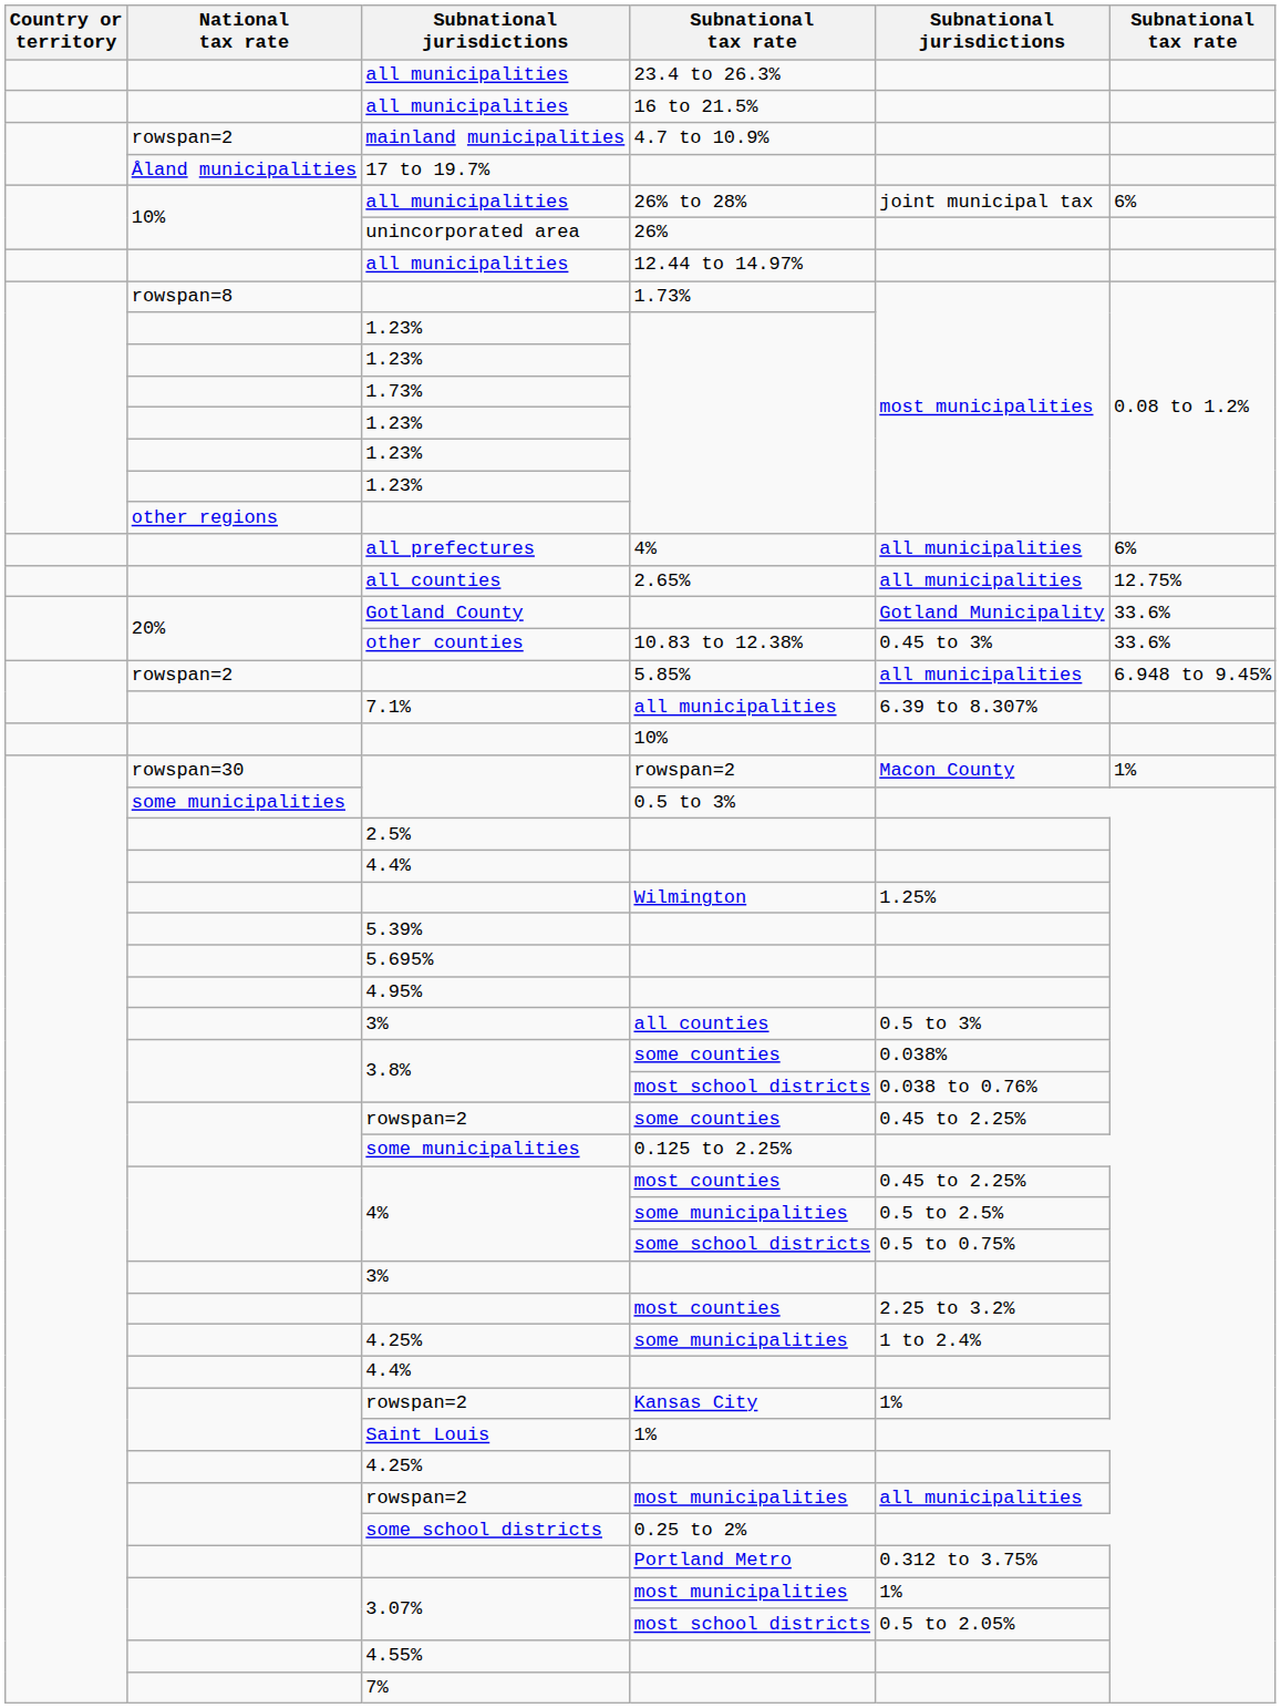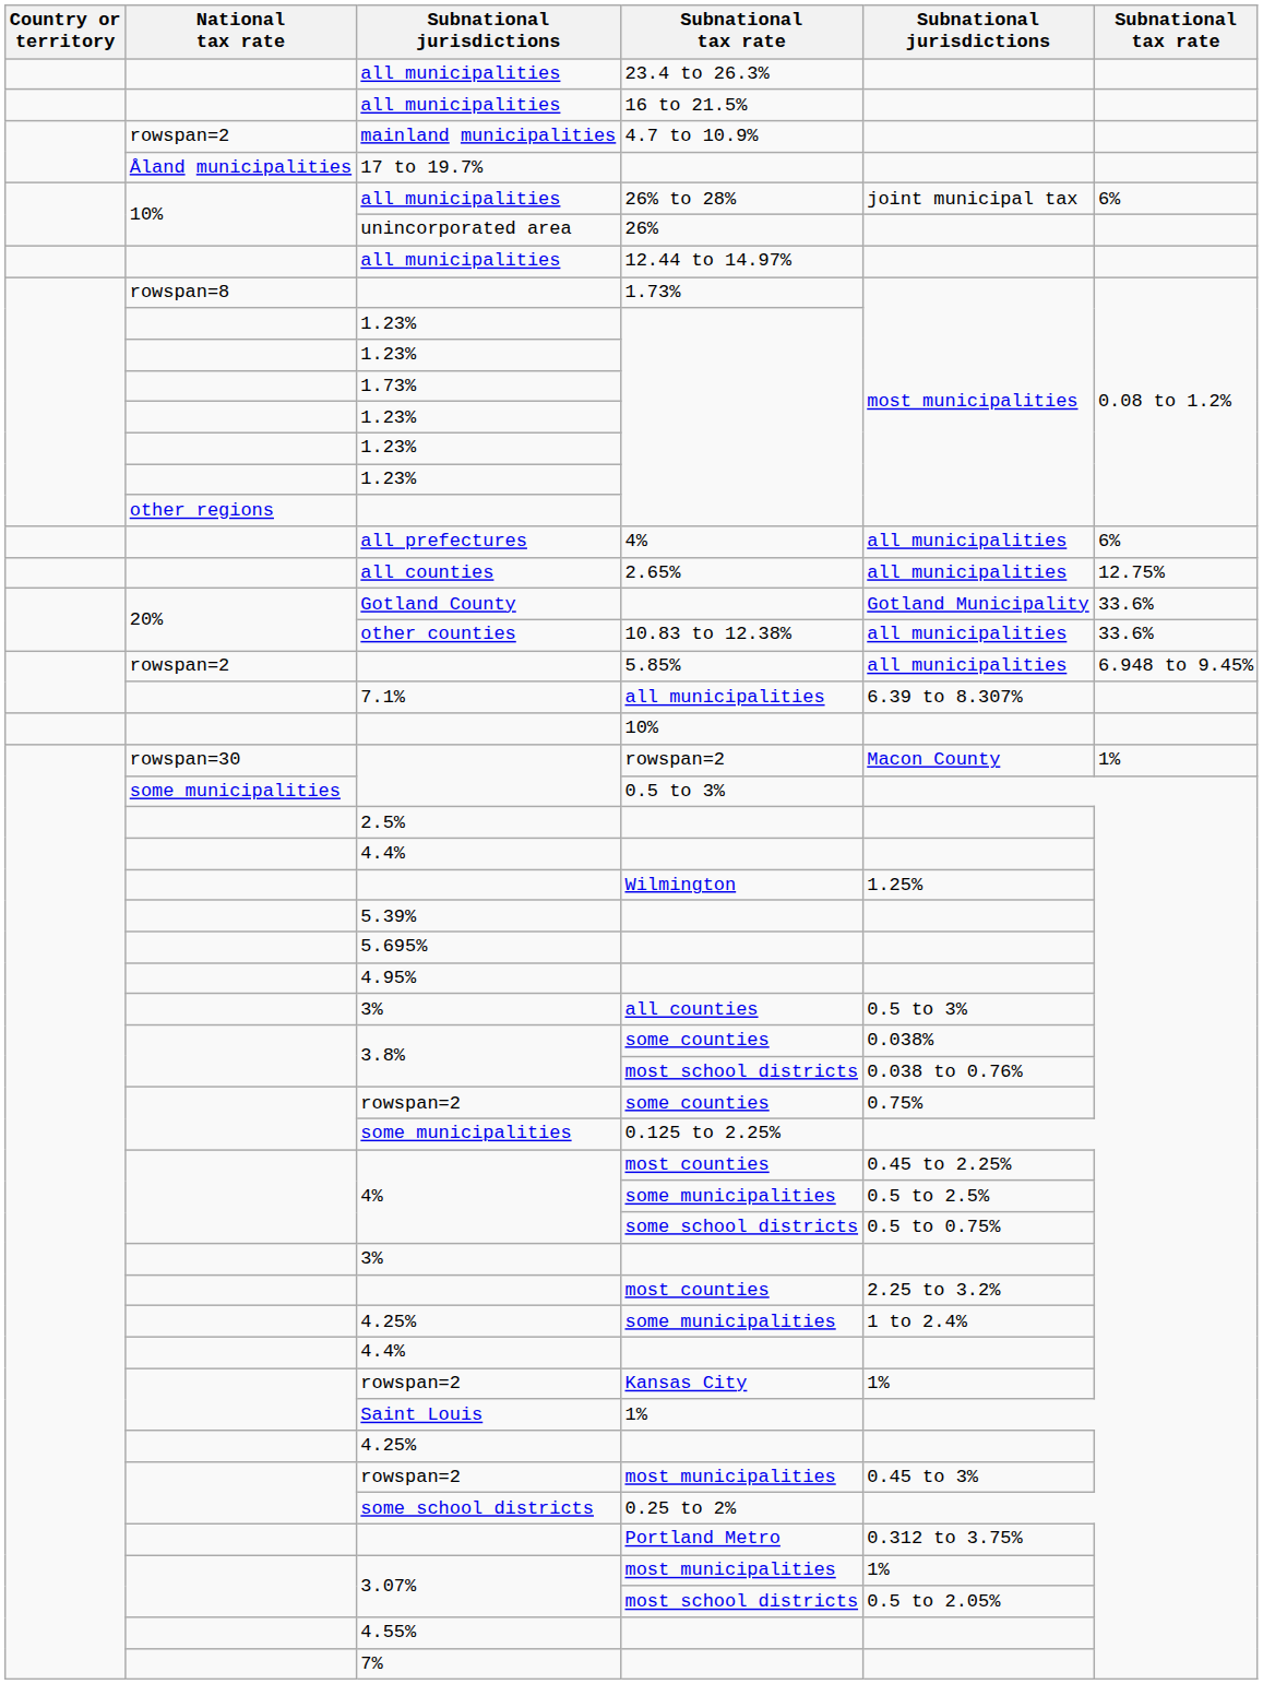 <table class="wikitable sortable nowrap" style="font-size:90%; line-height:1.2">
 <tr>
 <th>Country or<br>territory</th>
 <th>National<br>tax rate</th>
 <th>Subnational<br>jurisdictions</th>
 <th>Subnational<br>tax rate</th>
 <th>Subnational<br>jurisdictions</th>
 <th>Subnational<br>tax rate</th>
 </tr>
 <tr>
 <td></td>
 <td></td>
 <td><a href='#'>all municipalities</a></td>
 <td>23.4 to 26.3%</td>
 <td></td>
 <td></td>
 </tr>
 <tr>
 <td></td>
 <td></td>
 <td><a href='#'>all municipalities</a></td>
 <td>16 to 21.5%</td>
 <td></td>
 <td></td>
 </tr>
 <tr>
 <td rowspan=2></td>
 <td>rowspan=2 </td>
 <td><a href='#'>mainland</a> <a href='#'>municipalities</a></td>
 <td>4.7 to 10.9%</td>
 <td></td>
 <td></td>
 </tr>
 <tr>
 <td><a href='#'>Åland</a> <a href='#'>municipalities</a></td>
 <td>17 to 19.7%</td>
 <td></td>
 <td></td>
 </tr>
 <tr>
 <td rowspan=2></td>
 <td rowspan=2>10%</td>
 <td><a href='#'>all municipalities</a></td>
 <td>26% to 28%</td>
 <td>joint municipal tax</td>
 <td>6%</td>
 </tr>
 <tr>
 <td>unincorporated area</td>
 <td>26%</td>
 <td></td>
 <td></td>
 </tr>
 <tr>
 <td></td>
 <td></td>
 <td><a href='#'>all municipalities</a></td>
 <td>12.44 to 14.97%</td>
 <td></td>
 <td></td>
 </tr>
 <tr>
 <td rowspan=8></td>
 <td>rowspan=8 </td>
 <td></td>
 <td>1.73%</td>
 <td rowspan=8><a href='#'>most municipalities</a></td>
 <td rowspan=8>0.08 to 1.2%</td>
 </tr>
 <tr>
 <td></td>
 <td>1.23%</td>
 </tr>
 <tr>
 <td></td>
 <td>1.23%</td>
 </tr>
 <tr>
 <td></td>
 <td>1.73%</td>
 </tr>
 <tr>
 <td></td>
 <td>1.23%</td>
 </tr>
 <tr>
 <td></td>
 <td>1.23%</td>
 </tr>
 <tr>
 <td></td>
 <td>1.23%</td>
 </tr>
 <tr>
 <td><a href='#'>other regions</a></td>
 <td></td>
 </tr>
 <tr>
 <td></td>
 <td></td>
 <td><a href='#'>all prefectures</a></td>
 <td>4%</td>
 <td><a href='#'>all municipalities</a></td>
 <td>6%</td>
 </tr>
 <tr>
 <td></td>
 <td></td>
 <td><a href='#'>all counties</a></td>
 <td>2.65%</td>
 <td><a href='#'>all municipalities</a></td>
 <td>12.75%</td>
 </tr>
 <tr>
 <td rowspan=2></td>
 <td rowspan=2>20%</td>
 <td> <a href='#'>Gotland County</a></td>
 <td></td>
 <td><a href='#'>Gotland Municipality</a></td>
 <td>33.6%</td>
 </tr>
 <tr>
 <td><a href='#'>other counties</a></td>
 <td>10.83 to 12.38%</td>
-<td>0.45 to 3%</td>
+<td><a href='#'>all municipalities</a></td>
 <td>33.6%</td>
 </tr>
 <tr>
 <td rowspan=2></td>
 <td>rowspan=2 </td>
 <td></td>
 <td>5.85%</td>
 <td><a href='#'>all municipalities</a></td>
 <td>6.948 to 9.45%</td>
 </tr>
 <tr>
 <td></td>
 <td>7.1%</td>
 <td><a href='#'>all municipalities</a></td>
 <td>6.39 to 8.307%</td>
 </tr>
 <tr>
 <td></td>
 <td></td>
 <td></td>
 <td>10%</td>
 <td></td>
 <td></td>
 </tr>
 <tr>
 <td rowspan=30></td>
 <td>rowspan=30 </td>
 <td rowspan=2></td>
 <td>rowspan=2 </td>
 <td><a href='#'>Macon County</a></td>
 <td>1%</td>
 </tr>
 <tr>
 <td><a href='#'>some municipalities</a></td>
 <td>0.5 to 3%</td>
 </tr>
 <tr>
 <td></td>
 <td>2.5%</td>
 <td></td>
 <td></td>
 </tr>
 <tr>
 <td></td>
 <td>4.4%</td>
 <td></td>
 <td></td>
 </tr>
 <tr>
 <td></td>
 <td></td>
 <td><a href='#'>Wilmington</a></td>
 <td>1.25%</td>
 </tr>
 <tr>
 <td></td>
 <td>5.39%</td>
 <td></td>
 <td></td>
 </tr>
 <tr>
 <td></td>
 <td>5.695%</td>
 <td></td>
 <td></td>
 </tr>
 <tr>
 <td></td>
 <td>4.95%</td>
 <td></td>
 <td></td>
 </tr>
 <tr>
 <td></td>
 <td>3%</td>
 <td><a href='#'>all counties</a></td>
 <td>0.5 to 3%</td>
 </tr>
 <tr>
 <td rowspan=2></td>
 <td rowspan=2>3.8%</td>
 <td><a href='#'>some counties</a></td>
 <td>0.038%</td>
 </tr>
 <tr>
 <td><a href='#'>most school districts</a></td>
 <td>0.038 to 0.76%</td>
 </tr>
 <tr>
 <td rowspan=2></td>
 <td>rowspan=2 </td>
 <td><a href='#'>some counties</a></td>
-<td>0.45 to 2.25%</td>
+<td>0.75%</td>
 </tr>
 <tr>
 <td><a href='#'>some municipalities</a></td>
 <td>0.125 to 2.25%</td>
 </tr>
 <tr>
 <td rowspan=3></td>
 <td rowspan=3>4%</td>
 <td><a href='#'>most counties</a></td>
 <td>0.45 to 2.25%</td>
 </tr>
 <tr>
 <td><a href='#'>some municipalities</a></td>
 <td>0.5 to 2.5%</td>
 </tr>
 <tr>
 <td><a href='#'>some school districts</a></td>
 <td>0.5 to 0.75%</td>
 </tr>
 <tr>
 <td></td>
 <td>3%</td>
 <td></td>
 <td></td>
 </tr>
 <tr>
 <td></td>
 <td></td>
 <td><a href='#'>most counties</a></td>
 <td>2.25 to 3.2%</td>
 </tr>
 <tr>
 <td></td>
 <td>4.25%</td>
 <td><a href='#'>some municipalities</a></td>
 <td>1 to 2.4%</td>
 </tr>
 <tr>
 <td></td>
 <td>4.4%</td>
 <td></td>
 <td></td>
 </tr>
 <tr>
 <td rowspan=2></td>
 <td>rowspan=2 </td>
 <td><a href='#'>Kansas City</a></td>
 <td>1%</td>
 </tr>
 <tr>
 <td><a href='#'>Saint Louis</a></td>
 <td>1%</td>
 </tr>
 <tr>
 <td></td>
 <td>4.25%</td>
 <td></td>
 <td></td>
 </tr>
 <tr>
 <td rowspan=2></td>
 <td>rowspan=2 </td>
 <td><a href='#'>most municipalities</a></td>
-<td><a href='#'>all municipalities</a></td>
+<td>0.45 to 3%</td>
 </tr>
 <tr>
 <td><a href='#'>some school districts</a></td>
 <td>0.25 to 2%</td>
 </tr>
 <tr>
 <td></td>
 <td></td>
 <td><a href='#'>Portland Metro</a></td>
 <td>0.312 to 3.75%</td>
 </tr>
 <tr>
 <td rowspan=2></td>
 <td rowspan=2>3.07%</td>
 <td><a href='#'>most municipalities</a></td>
 <td>1%</td>
 </tr>
 <tr>
 <td><a href='#'>most school districts</a></td>
 <td>0.5 to 2.05%</td>
 </tr>
 <tr>
 <td></td>
 <td>4.55%</td>
 <td></td>
 <td></td>
 </tr>
 <tr>
 <td></td>
 <td>7%</td>
 <td></td>
 <td></td>
 </tr>
 </table>
